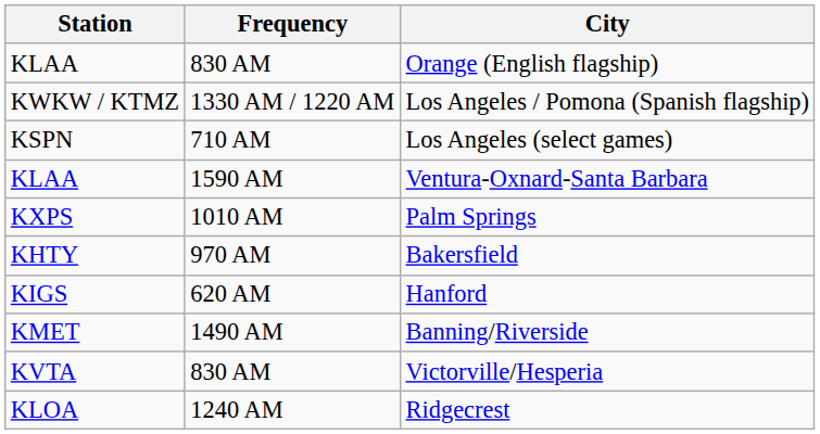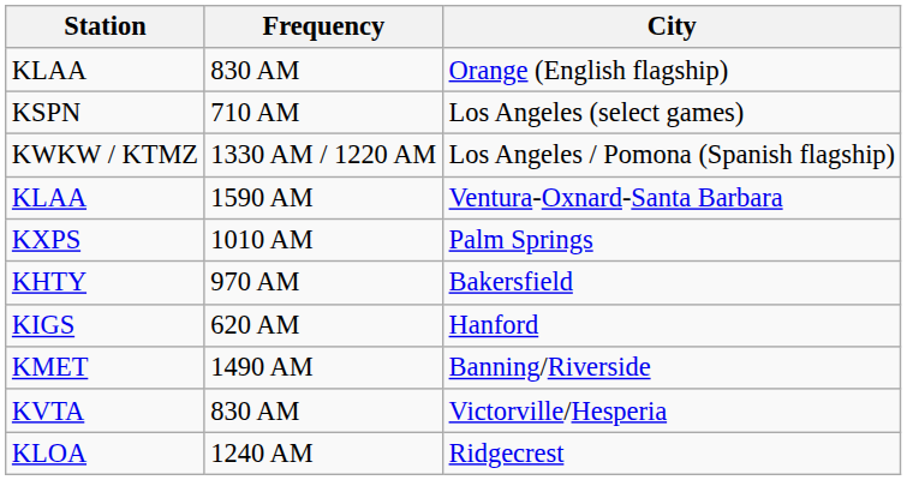 <table class="wikitable">
 <tr>
 <th>Station</th>
 <th>Frequency</th>
 <th>City</th>
 </tr>
 <tr>
 <td>KLAA</td>
 <td>830 AM</td>
 <td><a href='#'>Orange</a> (English flagship)</td>
 </tr>
 <tr>
+<td>KSPN</td>
+<td>710 AM</td>
+<td>Los Angeles (select games)</td>
+</tr>
+<tr>
 <td>KWKW / KTMZ</td>
 <td>1330 AM / 1220 AM</td>
 <td>Los Angeles / Pomona (Spanish flagship)</td>
-</tr>
-<tr>
-<td>KSPN</td>
-<td>710 AM</td>
-<td>Los Angeles (select games)</td>
 </tr>
 <tr>
 <td><a href='#'>KLAA</a></td>
 <td>1590 AM</td>
 <td><a href='#'>Ventura</a>-<a href='#'>Oxnard</a>-<a href='#'>Santa Barbara</a></td>
 </tr>
 <tr>
 <td><a href='#'>KXPS</a></td>
 <td>1010 AM</td>
 <td><a href='#'>Palm Springs</a></td>
 </tr>
 <tr>
 <td><a href='#'>KHTY</a></td>
 <td>970 AM</td>
 <td><a href='#'>Bakersfield</a></td>
 </tr>
 <tr>
 <td><a href='#'>KIGS</a></td>
 <td>620 AM</td>
 <td><a href='#'>Hanford</a></td>
 </tr>
 <tr>
 <td><a href='#'>KMET</a></td>
 <td>1490 AM</td>
 <td><a href='#'>Banning</a>/<a href='#'>Riverside</a></td>
 </tr>
 <tr>
 <td><a href='#'>KVTA</a></td>
 <td>830 AM</td>
 <td><a href='#'>Victorville</a>/<a href='#'>Hesperia</a></td>
 </tr>
 <tr>
 <td><a href='#'>KLOA</a></td>
 <td>1240 AM</td>
 <td><a href='#'>Ridgecrest</a></td>
 </tr>
 </table>
